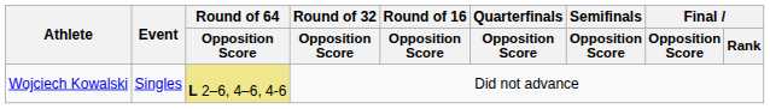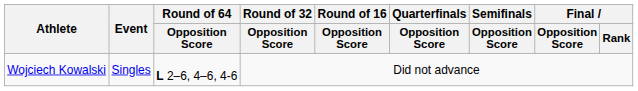 <table class=wikitable style="font-size:90%">
 <tr>
 <th rowspan=2>Athlete</th>
 <th rowspan=2>Event</th>
 <th>Round of 64</th>
 <th>Round of 32</th>
 <th>Round of 16</th>
 <th>Quarterfinals</th>
 <th>Semifinals</th>
 <th colspan=2>Final / </th>
 </tr>
 <tr style="font-size:95%">
 <th>Opposition<br>Score</th>
 <th>Opposition<br>Score</th>
 <th>Opposition<br>Score</th>
 <th>Opposition<br>Score</th>
 <th>Opposition<br>Score</th>
 <th>Opposition<br>Score</th>
 <th>Rank</th>
 </tr>
 <tr align=center>
 <td align=left><a href='#'>Wojciech Kowalski</a></td>
 <td style="text-align:left;" rowspan="4"><a href='#'>Singles</a></td>
-<td style="background: khaki;"><br><strong>L</strong> 2–6, 4–6, 4-6</td>
+<td><br><strong>L</strong> 2–6, 4–6, 4-6</td>
 <td colspan=6>Did not advance</td>
 </tr>
 </table>
